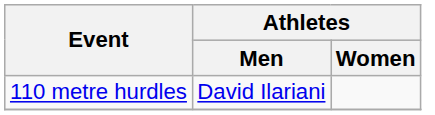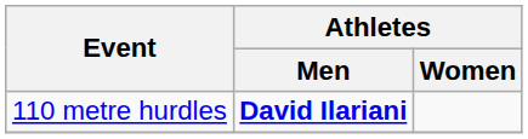 <table class=wikitable style="font-size:90%">
 <tr>
 <th rowspan=2>Event</th>
 <th colspan=2>Athletes</th>
 </tr>
 <tr>
 <th>Men</th>
 <th>Women</th>
 </tr>
 <tr>
 <td><a href='#'>110 metre hurdles</a></td>
-<td><a href='#'>David Ilariani</a></td>
+<td><strong><a href='#'>David Ilariani</a></strong></td>
 <td></td>
 </tr>
 <tr>
 </tr>
 </table>
